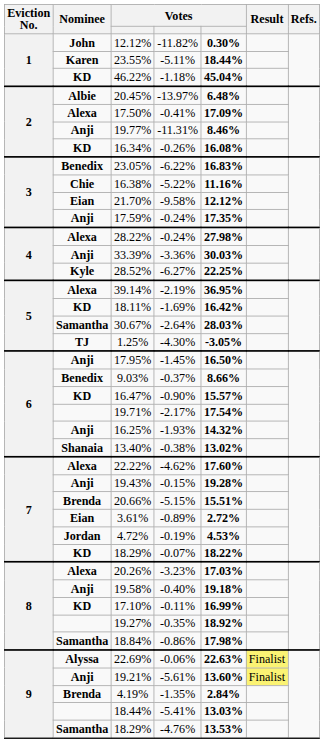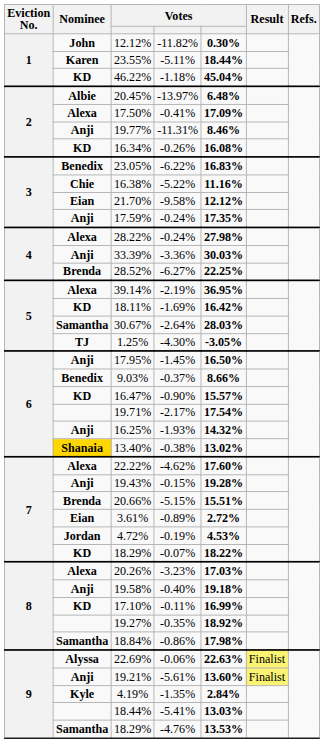 <table class="wikitable" style="text-align:center; font-size:90%; line-height:14px;" width="40%">
 <tr>
 <th rowspan="2" width="05%">Eviction No.</th>
 <th rowspan="2" width="05%">Nominee</th>
 <th colspan="3" width="15%">Votes</th>
 <th rowspan="2" width="10%">Result</th>
 <th rowspan="2" width="05%">Refs.</th>
 </tr>
 <tr>
 <th width="05%"></th>
 <th width="05%"></th>
 <th width="05%"></th>
 </tr>
 <tr>
 <th rowspan="3">1</th>
 <td><strong>John</strong></td>
 <td>12.12%</td>
 <td>-11.82%</td>
 <td><strong>0.30%</strong></td>
 <td></td>
 <td rowspan="3"></td>
 </tr>
 <tr>
 <td><strong>Karen</strong></td>
 <td>23.55%</td>
 <td>-5.11%</td>
 <td><strong>18.44%</strong></td>
 <td></td>
 </tr>
 <tr>
 <td><strong>KD</strong></td>
 <td>46.22%</td>
 <td>-1.18%</td>
 <td><strong>45.04%</strong></td>
 <td></td>
 </tr>
 <tr style="border-top: 2px solid;">
 <th rowspan="4">2</th>
 <td><strong>Albie</strong></td>
 <td>20.45%</td>
 <td>-13.97%</td>
 <td><strong>6.48%</strong></td>
 <td></td>
 <td rowspan="4"></td>
 </tr>
 <tr>
 <td><strong>Alexa</strong></td>
 <td>17.50%</td>
 <td>-0.41%</td>
 <td><strong>17.09%</strong></td>
 <td></td>
 </tr>
 <tr>
 <td><strong>Anji</strong></td>
 <td>19.77%</td>
 <td>-11.31%</td>
 <td><strong>8.46%</strong></td>
 <td></td>
 </tr>
 <tr>
 <td><strong>KD</strong></td>
 <td>16.34%</td>
 <td>-0.26%</td>
 <td><strong>16.08%</strong></td>
 <td></td>
 </tr>
 <tr style="border-top: 2px solid;">
 <th rowspan="4">3</th>
 <td><strong>Benedix</strong></td>
 <td>23.05%</td>
 <td>-6.22%</td>
 <td><strong>16.83%</strong></td>
 <td></td>
 <td rowspan="4"></td>
 </tr>
 <tr>
 <td><strong>Chie</strong></td>
 <td>16.38%</td>
 <td>-5.22%</td>
 <td><strong>11.16%</strong></td>
 <td></td>
 </tr>
 <tr>
 <td><strong>Eian</strong></td>
 <td>21.70%</td>
 <td>-9.58%</td>
 <td><strong>12.12%</strong></td>
 <td></td>
 </tr>
 <tr>
 <td><strong>Anji</strong></td>
 <td>17.59%</td>
 <td>-0.24%</td>
 <td><strong>17.35%</strong></td>
 <td></td>
 </tr>
 <tr style="border-top: 2px solid;">
 <th rowspan="3">4</th>
 <td><strong>Alexa</strong></td>
 <td>28.22%</td>
 <td>-0.24%</td>
 <td><strong>27.98%</strong></td>
 <td></td>
 <td rowspan="3"></td>
 </tr>
 <tr>
 <td><strong>Anji</strong></td>
 <td>33.39%</td>
 <td>-3.36%</td>
 <td><strong>30.03%</strong></td>
 <td></td>
 </tr>
 <tr>
-<td><strong>Kyle</strong></td>
+<td><strong>Brenda</strong></td>
 <td>28.52%</td>
 <td>-6.27%</td>
 <td><strong>22.25%</strong></td>
 <td></td>
 </tr>
 <tr style="border-top: 2px solid;">
 <th rowspan="4">5</th>
 <td><strong>Alexa</strong></td>
 <td>39.14%</td>
 <td>-2.19%</td>
 <td><strong>36.95%</strong></td>
 <td></td>
 <td rowspan="4"></td>
 </tr>
 <tr>
 <td><strong>KD</strong></td>
 <td>18.11%</td>
 <td>-1.69%</td>
 <td><strong>16.42%</strong></td>
 <td></td>
 </tr>
 <tr>
 <td><strong>Samantha</strong></td>
 <td>30.67%</td>
 <td>-2.64%</td>
 <td><strong>28.03%</strong></td>
 <td></td>
 </tr>
 <tr>
 <td><strong>TJ</strong></td>
 <td>1.25%</td>
 <td>-4.30%</td>
 <td><strong>-3.05%</strong></td>
 <td></td>
 </tr>
 <tr style="border-top: 2px solid;">
 <th rowspan="6">6</th>
 <td><strong>Anji</strong></td>
 <td>17.95%</td>
 <td>-1.45%</td>
 <td><strong>16.50%</strong></td>
 <td></td>
 <td rowspan="6"></td>
 </tr>
 <tr>
 <td><strong>Benedix</strong></td>
 <td>9.03%</td>
 <td>-0.37%</td>
 <td><strong>8.66%</strong></td>
 <td></td>
 </tr>
 <tr>
 <td><strong>KD</strong></td>
 <td>16.47%</td>
 <td>-0.90%</td>
 <td><strong>15.57%</strong></td>
 <td></td>
 </tr>
 <tr>
 <td><strong></strong></td>
 <td>19.71%</td>
 <td>-2.17%</td>
 <td><strong>17.54%</strong></td>
 <td></td>
 </tr>
 <tr>
 <td><strong>Anji</strong></td>
 <td>16.25%</td>
 <td>-1.93%</td>
 <td><strong>14.32%</strong></td>
 <td></td>
 </tr>
 <tr>
-<td><strong>Shanaia</strong></td>
+<td style="background: gold;"><strong>Shanaia</strong></td>
 <td>13.40%</td>
 <td>-0.38%</td>
 <td><strong>13.02%</strong></td>
 <td></td>
 </tr>
 <tr style="border-top: 2px solid;">
 <th rowspan="6">7</th>
 <td><strong>Alexa</strong></td>
 <td>22.22%</td>
 <td>-4.62%</td>
 <td><strong>17.60%</strong></td>
 <td></td>
 <td rowspan="6"></td>
 </tr>
 <tr>
 <td><strong>Anji</strong></td>
 <td>19.43%</td>
 <td>-0.15%</td>
 <td><strong>19.28%</strong></td>
 <td></td>
 </tr>
 <tr>
 <td><strong>Brenda</strong></td>
 <td>20.66%</td>
 <td>-5.15%</td>
 <td><strong>15.51%</strong></td>
 <td></td>
 </tr>
 <tr>
 <td><strong>Eian</strong></td>
 <td>3.61%</td>
 <td>-0.89%</td>
 <td><strong>2.72%</strong></td>
 <td></td>
 </tr>
 <tr>
 <td><strong>Jordan</strong></td>
 <td>4.72%</td>
 <td>-0.19%</td>
 <td><strong>4.53%</strong></td>
 <td></td>
 </tr>
 <tr>
 <td><strong>KD</strong></td>
 <td>18.29%</td>
 <td>-0.07%</td>
 <td><strong>18.22%</strong></td>
 <td></td>
 </tr>
 <tr style="border-top: 2px solid;">
 <th rowspan="5">8</th>
 <td><strong>Alexa</strong></td>
 <td>20.26%</td>
 <td>-3.23%</td>
 <td><strong>17.03%</strong></td>
 <td></td>
 <td rowspan="5"></td>
 </tr>
 <tr>
 <td><strong>Anji</strong></td>
 <td>19.58%</td>
 <td>-0.40%</td>
 <td><strong>19.18%</strong></td>
 <td></td>
 </tr>
 <tr>
 <td><strong>KD</strong></td>
 <td>17.10%</td>
 <td>-0.11%</td>
 <td><strong>16.99%</strong></td>
 <td></td>
 </tr>
 <tr>
 <td><strong></strong></td>
 <td>19.27%</td>
 <td>-0.35%</td>
 <td><strong>18.92%</strong></td>
 <td></td>
 </tr>
 <tr>
 <td><strong>Samantha</strong></td>
 <td>18.84%</td>
 <td>-0.86%</td>
 <td><strong>17.98%</strong></td>
 <td></td>
 </tr>
 <tr style="border-top: 2px solid;">
 <th rowspan="5">9</th>
 <td><strong>Alyssa</strong></td>
 <td>22.69%</td>
 <td>-0.06%</td>
 <td><strong>22.63%</strong></td>
 <td style="background:#FBF373;">Finalist</td>
 <td rowspan="5"></td>
 </tr>
 <tr>
 <td><strong>Anji</strong></td>
 <td>19.21%</td>
 <td>-5.61%</td>
 <td><strong>13.60%</strong></td>
 <td style="background:#FBF373;">Finalist</td>
 </tr>
 <tr>
-<td><strong>Brenda</strong></td>
+<td><strong>Kyle</strong></td>
 <td>4.19%</td>
 <td>-1.35%</td>
 <td><strong>2.84%</strong></td>
 <td></td>
 </tr>
 <tr>
 <td><strong></strong></td>
 <td>18.44%</td>
 <td>-5.41%</td>
 <td><strong>13.03%</strong></td>
 <td></td>
 </tr>
 <tr>
 <td><strong>Samantha</strong></td>
 <td>18.29%</td>
 <td>-4.76%</td>
 <td><strong>13.53%</strong></td>
 <td></td>
 </tr>
 <tr style="border-top: 2px solid;">
 </tr>
 </table>
